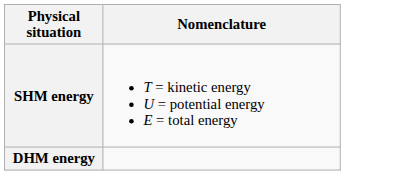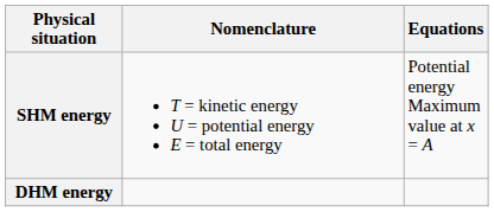 <table class="wikitable">
 <tr>
 <th scope="col" style="width:100px;">Physical situation</th>
 <th scope="col" style="width:250px;">Nomenclature</th>
+<th scope="col" style="width:10px;">Equations</th>
 </tr>
 <tr>
 <th scope="row">SHM energy</th>
 <td><br><ul><li><em>T</em> = kinetic energy</li><li><em>U</em> = potential energy</li><li><em>E</em> = total energy</li></ul></td>
+<td>Potential energy<br> Maximum value at <em>x</em> = <em>A</em><br><br></td>
 </tr>
 <tr>
 <th scope="row">DHM energy</th>
 <td></td>
+<td></td>
 </tr>
 </table>
